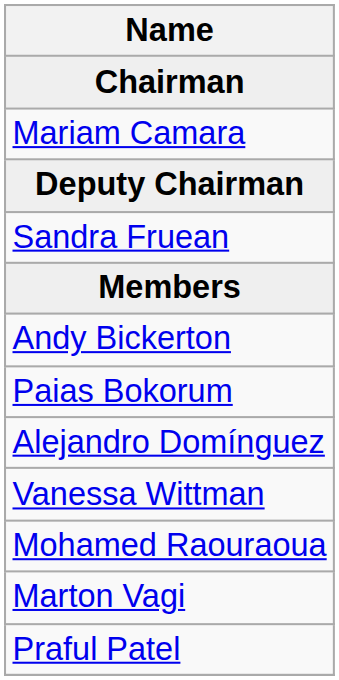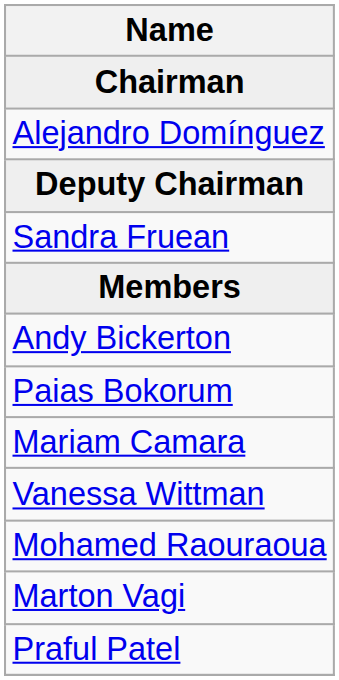 <table class="wikitable">
 <tr>
 <th><strong>Name</strong></th>
 </tr>
 <tr>
 <td colspan="1" align=center bgcolor="#EFEFEF"><strong>Chairman</strong></td>
 </tr>
 <tr>
-<td> <a href='#'>Mariam Camara</a></td>
+<td> <a href='#'>Alejandro Domínguez</a></td>
 </tr>
 <tr>
 <td colspan="1" align=center bgcolor="#EFEFEF"><strong>Deputy Chairman</strong></td>
 </tr>
 <tr>
 <td> <a href='#'>Sandra Fruean</a></td>
 </tr>
 <tr>
 <td colspan="1" align=center bgcolor="#EFEFEF"><strong>Members</strong></td>
 </tr>
 <tr>
 <td> <a href='#'>Andy Bickerton</a></td>
 </tr>
 <tr>
 <td> <a href='#'>Paias Bokorum</a></td>
 </tr>
 <tr>
-<td> <a href='#'>Alejandro Domínguez</a></td>
+<td> <a href='#'>Mariam Camara</a></td>
 </tr>
 <tr>
 <td> <a href='#'>Vanessa Wittman</a></td>
 </tr>
 <tr>
 <td> <a href='#'>Mohamed Raouraoua</a></td>
 </tr>
 <tr>
 <td> <a href='#'>Marton Vagi</a></td>
 </tr>
 <tr>
 <td> <a href='#'>Praful Patel</a></td>
 </tr>
 <tr>
 </tr>
 </table>
